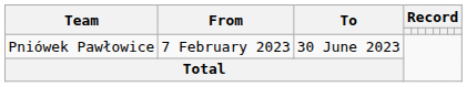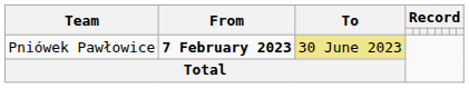 <table class="wikitable" style="text-align: center;">
 <tr>
 <th rowspan="2">Team</th>
 <th rowspan="2">From</th>
 <th rowspan="2">To</th>
 <th colspan="8">Record</th>
 </tr>
 <tr>
 <th></th>
 <th></th>
 <th></th>
 <th></th>
 <th></th>
 <th></th>
 <th></th>
 <th></th>
 </tr>
 <tr>
 <td align=left>Pniówek Pawłowice</td>
-<td align=left>7 February 2023</td>
-<td align=left>30 June 2023<br></td>
+<td align=left><strong>7 February 2023</strong></td>
+<td align=left style="background: khaki;">30 June 2023<br></td>
 </tr>
 <tr>
 <th colspan="3">Total<br></th>
 </tr>
 </table>
